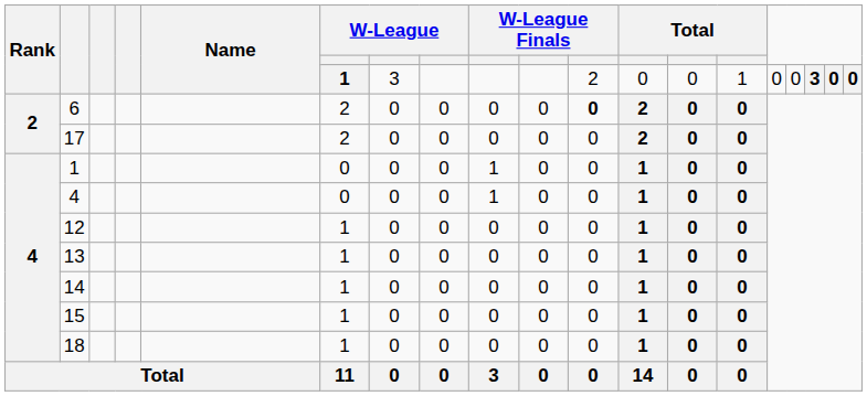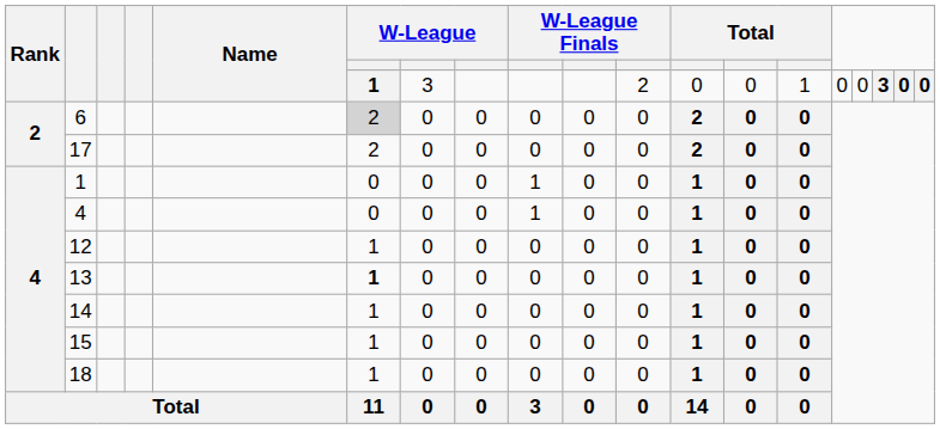 <table class="wikitable sortable" style="text-align:center;">
 <tr>
 <th rowspan="3" width="15">Rank</th>
 <th rowspan="3" width="15"></th>
 <th rowspan="3" width="15"></th>
 <th rowspan="3" width="15"></th>
 <th rowspan="3" width="145">Name</th>
 <th colspan="3" width="120"><a href='#'>W-League</a></th>
 <th colspan="3" width="120"><a href='#'>W-League Finals</a></th>
 <th colspan="3" width="120">Total</th>
 </tr>
 <tr>
 <th style="width:30px"></th>
 <th style="width:30px"></th>
 <th style="width:30px"></th>
 <th style="width:30px"></th>
 <th style="width:30px"></th>
 <th style="width:30px"></th>
 <th style="width:30px"></th>
 <th style="width:30px"></th>
 <th style="width:30px"></th>
 </tr>
 <tr>
 <th>1</th>
 <td>3</td>
 <td></td>
 <td></td>
 <td align="left"><br></td>
 <td>2</td>
 <td>0</td>
 <td>0<br></td>
 <td>1</td>
 <td>0</td>
 <td>0<br></td>
 <th>3</th>
 <th>0</th>
 <th>0</th>
 </tr>
 <tr>
 <th rowspan="2">2</th>
 <td>6</td>
 <td></td>
 <td></td>
 <td align="left"><br></td>
-<td>2</td>
+<td style="background: lightgrey;">2</td>
 <td>0</td>
 <td>0<br></td>
 <td>0</td>
 <td>0</td>
-<td><strong>0<br></strong></td>
+<td>0<br></td>
 <th>2</th>
 <th>0</th>
 <th>0</th>
 </tr>
 <tr>
 <td>17</td>
 <td></td>
 <td></td>
 <td align="left"><br></td>
 <td>2</td>
 <td>0</td>
 <td>0<br></td>
 <td>0</td>
 <td>0</td>
 <td>0<br></td>
 <th>2</th>
 <th>0</th>
 <th>0</th>
 </tr>
 <tr>
 <th rowspan="7">4</th>
 <td>1</td>
 <td></td>
 <td></td>
 <td align="left"><br></td>
 <td>0</td>
 <td>0</td>
 <td>0<br></td>
 <td>1</td>
 <td>0</td>
 <td>0<br></td>
 <th>1</th>
 <th>0</th>
 <th>0</th>
 </tr>
 <tr>
 <td>4</td>
 <td></td>
 <td></td>
 <td align="left"><br></td>
 <td>0</td>
 <td>0</td>
 <td>0<br></td>
 <td>1</td>
 <td>0</td>
 <td>0<br></td>
 <th>1</th>
 <th>0</th>
 <th>0</th>
 </tr>
 <tr>
 <td>12</td>
 <td></td>
 <td></td>
 <td align="left"><br></td>
 <td>1</td>
 <td>0</td>
 <td>0<br></td>
 <td>0</td>
 <td>0</td>
 <td>0<br></td>
 <th>1</th>
 <th>0</th>
 <th>0</th>
 </tr>
 <tr>
 <td>13</td>
 <td></td>
 <td></td>
 <td align="left"><br></td>
-<td>1</td>
+<td><strong>1</strong></td>
 <td>0</td>
 <td>0<br></td>
 <td>0</td>
 <td>0</td>
 <td>0<br></td>
 <th>1</th>
 <th>0</th>
 <th>0</th>
 </tr>
 <tr>
 <td>14</td>
 <td></td>
 <td></td>
 <td align="left"><br></td>
 <td>1</td>
 <td>0</td>
 <td>0<br></td>
 <td>0</td>
 <td>0</td>
 <td>0<br></td>
 <th>1</th>
 <th>0</th>
 <th>0</th>
 </tr>
 <tr>
 <td>15</td>
 <td></td>
 <td></td>
 <td align="left"><br></td>
 <td>1</td>
 <td>0</td>
 <td>0<br></td>
 <td>0</td>
 <td>0</td>
 <td>0<br></td>
 <th>1</th>
 <th>0</th>
 <th>0</th>
 </tr>
 <tr>
 <td>18</td>
 <td></td>
 <td></td>
 <td align="left"><br></td>
 <td>1</td>
 <td>0</td>
 <td>0<br></td>
 <td>0</td>
 <td>0</td>
 <td>0<br></td>
 <th>1</th>
 <th>0</th>
 <th>0</th>
 </tr>
 <tr>
 <th colspan="5">Total<br></th>
 <th>11</th>
 <th>0</th>
 <th>0<br></th>
 <th>3</th>
 <th>0</th>
 <th>0<br></th>
 <th>14</th>
 <th>0</th>
 <th>0</th>
 </tr>
 </table>
